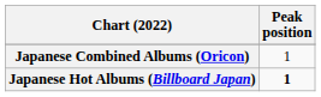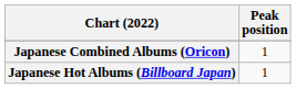 <table class="wikitable sortable plainrowheaders" style="text-align:center;">
 <tr>
 <th scope="col">Chart (2022)</th>
 <th scope="col">Peak<br>position</th>
 </tr>
 <tr>
 </tr>
 <tr>
 <th scope="row">Japanese Combined Albums (<a href='#'>Oricon</a>)</th>
 <td>1</td>
 </tr>
 <tr>
 <th scope="row">Japanese Hot Albums (<em><a href='#'>Billboard Japan</a></em>)</th>
-<td><strong>1</strong></td>
+<td>1</td>
 </tr>
 </table>
